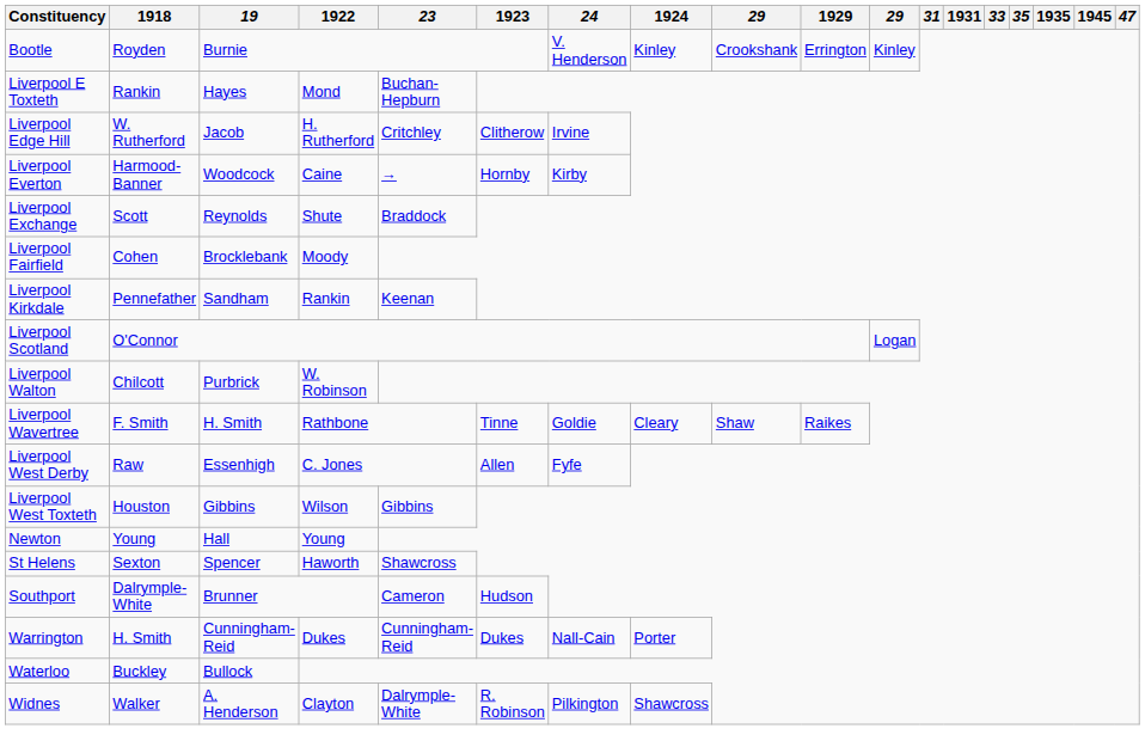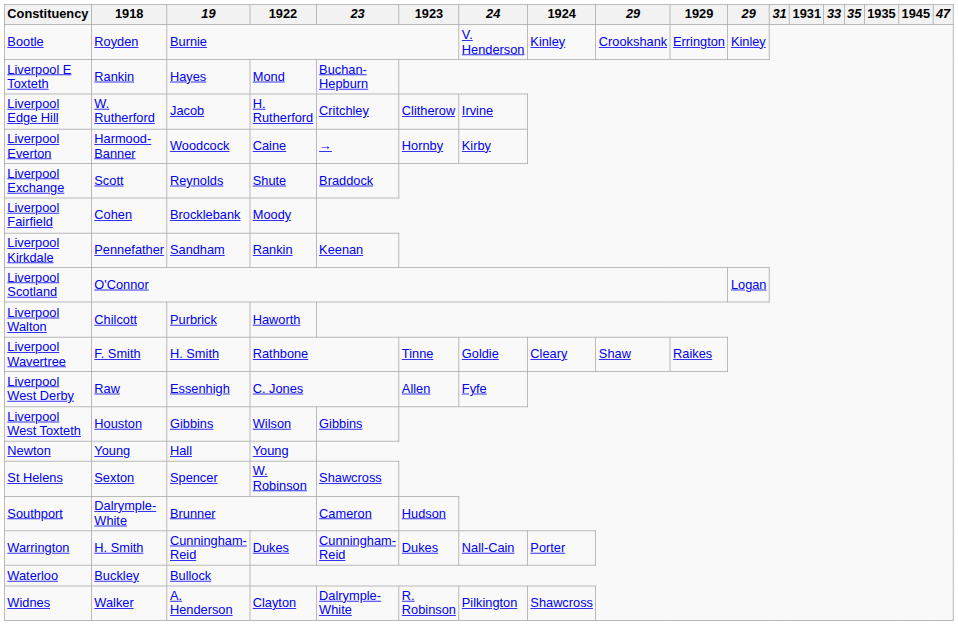 <table class="wikitable">
 <tr>
 <th>Constituency</th>
 <th>1918</th>
 <th><em>19</em></th>
 <th>1922</th>
 <th><em>23</em></th>
 <th>1923</th>
 <th><em>24</em></th>
 <th>1924</th>
 <th><em>29</em></th>
 <th>1929</th>
 <th><em>29</em></th>
 <th><em>31</em></th>
 <th>1931</th>
 <th><em>33</em></th>
 <th><em>35</em></th>
 <th>1935</th>
 <th>1945</th>
 <th><em>47</em></th>
 </tr>
 <tr>
 <td><a href='#'>Bootle</a></td>
 <td><a href='#'>Royden</a></td>
 <td colspan="4"><a href='#'>Burnie</a></td>
 <td><a href='#'>V. Henderson</a></td>
 <td><a href='#'>Kinley</a></td>
 <td><a href='#'>Crookshank</a></td>
 <td><a href='#'>Errington</a></td>
 <td><a href='#'>Kinley</a></td>
 </tr>
 <tr>
 <td><a href='#'>Liverpool E Toxteth</a></td>
 <td><a href='#'>Rankin</a></td>
 <td><a href='#'>Hayes</a></td>
 <td><a href='#'>Mond</a></td>
 <td><a href='#'>Buchan-Hepburn</a></td>
 </tr>
 <tr>
 <td><a href='#'>Liverpool Edge Hill</a></td>
 <td><a href='#'>W. Rutherford</a></td>
 <td><a href='#'>Jacob</a></td>
 <td><a href='#'>H. Rutherford</a></td>
 <td><a href='#'>Critchley</a></td>
 <td><a href='#'>Clitherow</a></td>
 <td><a href='#'>Irvine</a></td>
 </tr>
 <tr>
 <td><a href='#'>Liverpool Everton</a></td>
 <td><a href='#'>Harmood-Banner</a></td>
 <td><a href='#'>Woodcock</a></td>
 <td><a href='#'>Caine</a></td>
 <td><a href='#'>→</a></td>
 <td><a href='#'>Hornby</a></td>
 <td><a href='#'>Kirby</a></td>
 </tr>
 <tr>
 <td><a href='#'>Liverpool Exchange</a></td>
 <td><a href='#'>Scott</a></td>
 <td><a href='#'>Reynolds</a></td>
 <td><a href='#'>Shute</a></td>
 <td><a href='#'>Braddock</a></td>
 </tr>
 <tr>
 <td><a href='#'>Liverpool Fairfield</a></td>
 <td><a href='#'>Cohen</a></td>
 <td><a href='#'>Brocklebank</a></td>
 <td><a href='#'>Moody</a></td>
 </tr>
 <tr>
 <td><a href='#'>Liverpool Kirkdale</a></td>
 <td><a href='#'>Pennefather</a></td>
 <td><a href='#'>Sandham</a></td>
 <td><a href='#'>Rankin</a></td>
 <td><a href='#'>Keenan</a></td>
 </tr>
 <tr>
 <td><a href='#'>Liverpool Scotland</a></td>
 <td colspan="9"><a href='#'>O'Connor</a></td>
 <td><a href='#'>Logan</a></td>
 </tr>
 <tr>
 <td><a href='#'>Liverpool Walton</a></td>
 <td><a href='#'>Chilcott</a></td>
 <td><a href='#'>Purbrick</a></td>
-<td><a href='#'>W. Robinson</a></td>
+<td><a href='#'>Haworth</a></td>
 </tr>
 <tr>
 <td><a href='#'>Liverpool Wavertree</a></td>
 <td><a href='#'>F. Smith</a></td>
 <td><a href='#'>H. Smith</a></td>
 <td colspan="2"><a href='#'>Rathbone</a></td>
 <td><a href='#'>Tinne</a></td>
 <td><a href='#'>Goldie</a></td>
 <td><a href='#'>Cleary</a></td>
 <td><a href='#'>Shaw</a></td>
 <td><a href='#'>Raikes</a></td>
 </tr>
 <tr>
 <td><a href='#'>Liverpool West Derby</a></td>
 <td><a href='#'>Raw</a></td>
 <td><a href='#'>Essenhigh</a></td>
 <td colspan="2"><a href='#'>C. Jones</a></td>
 <td><a href='#'>Allen</a></td>
 <td><a href='#'>Fyfe</a></td>
 </tr>
 <tr>
 <td><a href='#'>Liverpool West Toxteth</a></td>
 <td><a href='#'>Houston</a></td>
 <td><a href='#'>Gibbins</a></td>
 <td><a href='#'>Wilson</a></td>
 <td><a href='#'>Gibbins</a></td>
 </tr>
 <tr>
 <td><a href='#'>Newton</a></td>
 <td><a href='#'>Young</a></td>
 <td><a href='#'>Hall</a></td>
 <td><a href='#'>Young</a></td>
 </tr>
 <tr>
 <td><a href='#'>St Helens</a></td>
 <td><a href='#'>Sexton</a></td>
 <td><a href='#'>Spencer</a></td>
-<td><a href='#'>Haworth</a></td>
+<td><a href='#'>W. Robinson</a></td>
 <td><a href='#'>Shawcross</a></td>
 </tr>
 <tr>
 <td><a href='#'>Southport</a></td>
 <td><a href='#'>Dalrymple-White</a></td>
 <td colspan="2"><a href='#'>Brunner</a></td>
 <td><a href='#'>Cameron</a></td>
 <td><a href='#'>Hudson</a></td>
 </tr>
 <tr>
 <td><a href='#'>Warrington</a></td>
 <td><a href='#'>H. Smith</a></td>
 <td><a href='#'>Cunningham-Reid</a></td>
 <td><a href='#'>Dukes</a></td>
 <td><a href='#'>Cunningham-Reid</a></td>
 <td><a href='#'>Dukes</a></td>
 <td><a href='#'>Nall-Cain</a></td>
 <td><a href='#'>Porter</a></td>
 </tr>
 <tr>
 <td><a href='#'>Waterloo</a></td>
 <td><a href='#'>Buckley</a></td>
 <td><a href='#'>Bullock</a></td>
 </tr>
 <tr>
 <td><a href='#'>Widnes</a></td>
 <td><a href='#'>Walker</a></td>
 <td><a href='#'>A. Henderson</a></td>
 <td><a href='#'>Clayton</a></td>
 <td><a href='#'>Dalrymple-White</a></td>
 <td><a href='#'>R. Robinson</a></td>
 <td><a href='#'>Pilkington</a></td>
 <td><a href='#'>Shawcross</a></td>
 </tr>
 </table>
